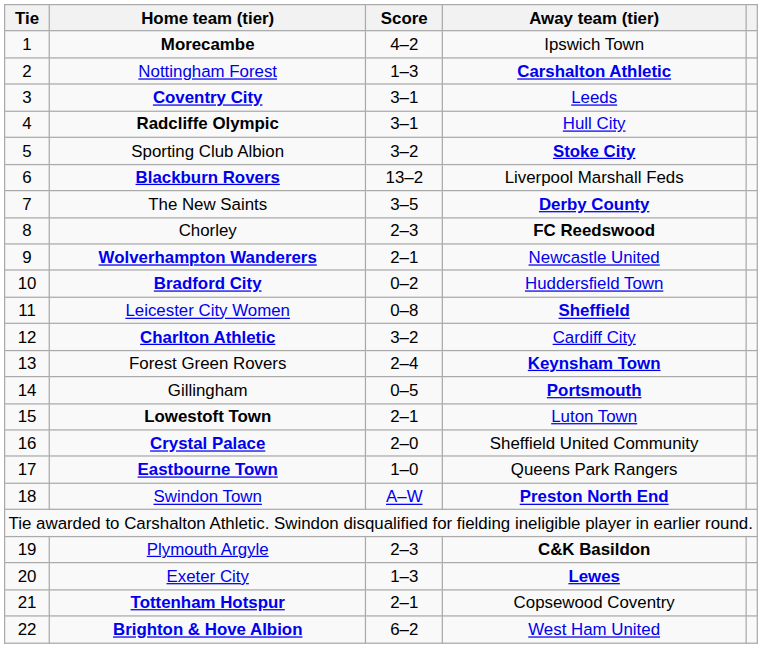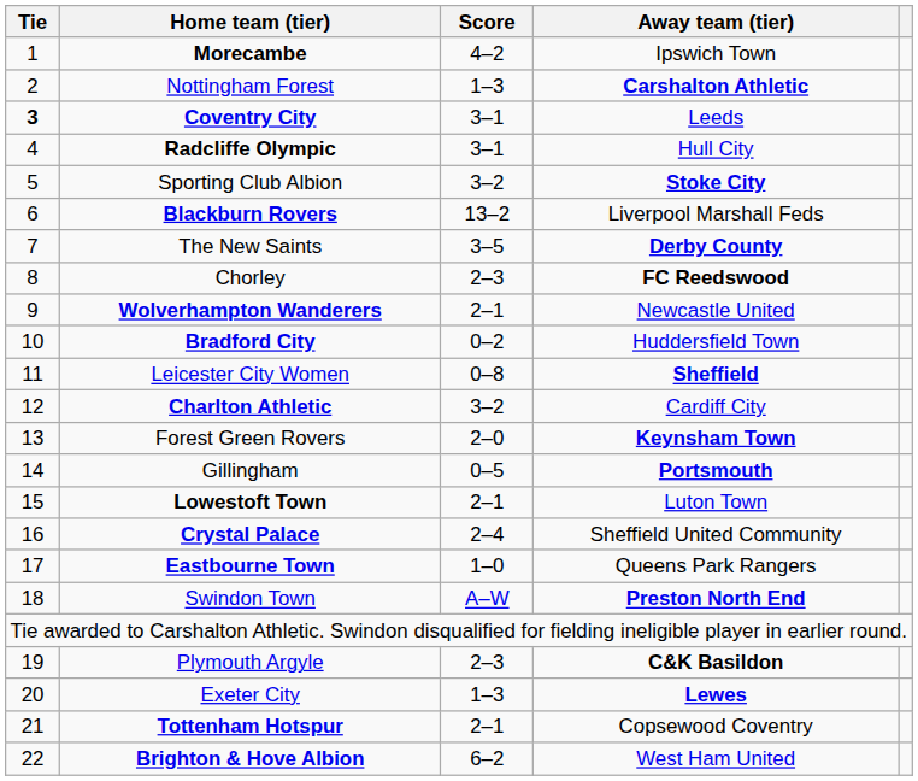 <table class="wikitable" style="text-align:center; font-size:85%">
 <tr>
 <th>Tie</th>
 <th>Home team (tier)</th>
 <th>Score</th>
 <th>Away team (tier)</th>
 <th></th>
 </tr>
 <tr>
 <td style="text-align:center;">1</td>
 <td><strong>Morecambe</strong></td>
 <td style="text-align:center;">4–2</td>
 <td>Ipswich Town</td>
 <td></td>
 </tr>
 <tr>
 <td style="text-align:center;">2</td>
 <td><a href='#'>Nottingham Forest</a></td>
 <td style="text-align:center;">1–3</td>
 <td><strong><a href='#'>Carshalton Athletic</a></strong></td>
 <td></td>
 </tr>
 <tr>
-<td style="text-align:center;">3</td>
+<td style="text-align:center;"><strong>3</strong></td>
 <td><strong><a href='#'>Coventry City</a></strong></td>
 <td style="text-align:center;">3–1</td>
 <td><a href='#'>Leeds</a></td>
 <td></td>
 </tr>
 <tr>
 <td style="text-align:center;">4</td>
 <td><strong>Radcliffe Olympic</strong></td>
 <td style="text-align:center;">3–1</td>
 <td><a href='#'>Hull City</a></td>
 <td></td>
 </tr>
 <tr>
 <td style="text-align:center;">5</td>
 <td>Sporting Club Albion</td>
 <td style="text-align:center;">3–2</td>
 <td><strong><a href='#'>Stoke City</a></strong></td>
 <td></td>
 </tr>
 <tr>
 <td style="text-align:center;">6</td>
 <td><strong><a href='#'>Blackburn Rovers</a></strong></td>
 <td style="text-align:center;">13–2</td>
 <td>Liverpool Marshall Feds</td>
 <td></td>
 </tr>
 <tr>
 <td style="text-align:center;">7</td>
 <td>The New Saints</td>
 <td style="text-align:center;">3–5</td>
 <td><strong><a href='#'>Derby County</a></strong></td>
 <td></td>
 </tr>
 <tr>
 <td style="text-align:center;">8</td>
 <td>Chorley</td>
 <td style="text-align:center;">2–3</td>
 <td><strong>FC Reedswood</strong></td>
 <td></td>
 </tr>
 <tr>
 <td style="text-align:center;">9</td>
 <td><strong><a href='#'>Wolverhampton Wanderers</a></strong></td>
 <td style="text-align:center;">2–1</td>
 <td><a href='#'>Newcastle United</a></td>
 <td></td>
 </tr>
 <tr>
 <td style="text-align:center;">10</td>
 <td><strong><a href='#'>Bradford City</a></strong></td>
 <td style="text-align:center;">0–2</td>
 <td><a href='#'>Huddersfield Town</a></td>
 <td></td>
 </tr>
 <tr>
 <td style="text-align:center;">11</td>
 <td><a href='#'>Leicester City Women</a></td>
 <td style="text-align:center;">0–8</td>
 <td><strong><a href='#'>Sheffield</a></strong></td>
 <td></td>
 </tr>
 <tr>
 <td style="text-align:center;">12</td>
 <td><strong><a href='#'>Charlton Athletic</a></strong></td>
 <td style="text-align:center;">3–2 </td>
 <td><a href='#'>Cardiff City</a></td>
 <td></td>
 </tr>
 <tr>
 <td style="text-align:center;">13</td>
 <td>Forest Green Rovers</td>
-<td style="text-align:center;">2–4 </td>
+<td style="text-align:center;">2–0</td>
 <td><strong><a href='#'>Keynsham Town</a></strong></td>
 <td></td>
 </tr>
 <tr>
 <td style="text-align:center;">14</td>
 <td>Gillingham</td>
 <td style="text-align:center;">0–5</td>
 <td><strong><a href='#'>Portsmouth</a></strong></td>
 <td></td>
 </tr>
 <tr>
 <td style="text-align:center;">15</td>
 <td><strong>Lowestoft Town</strong></td>
 <td style="text-align:center;">2–1</td>
 <td><a href='#'>Luton Town</a></td>
 <td></td>
 </tr>
 <tr>
 <td style="text-align:center;">16</td>
 <td><strong><a href='#'>Crystal Palace</a></strong></td>
-<td style="text-align:center;">2–0</td>
+<td style="text-align:center;">2–4 </td>
 <td>Sheffield United Community</td>
 <td></td>
 </tr>
 <tr>
 <td style="text-align:center;">17</td>
 <td><strong><a href='#'>Eastbourne Town</a></strong></td>
 <td style="text-align:center;">1–0</td>
 <td>Queens Park Rangers</td>
 <td></td>
 </tr>
 <tr>
 <td style="text-align:center;">18</td>
 <td><a href='#'>Swindon Town</a></td>
 <td style="text-align:center;"><a href='#'>A–W</a></td>
 <td><strong><a href='#'>Preston North End</a></strong></td>
 <td></td>
 </tr>
 <tr>
 <td colspan="5" style="text-align: center;">Tie awarded to Carshalton Athletic. Swindon disqualified for fielding ineligible player in earlier round.</td>
 </tr>
 <tr>
 <td style="text-align:center;">19</td>
 <td><a href='#'>Plymouth Argyle</a></td>
 <td style="text-align:center;">2–3</td>
 <td><strong>C&K Basildon</strong></td>
 <td></td>
 </tr>
 <tr>
 <td style="text-align:center;">20</td>
 <td><a href='#'>Exeter City</a></td>
 <td style="text-align:center;">1–3</td>
 <td><strong><a href='#'>Lewes</a></strong></td>
 <td></td>
 </tr>
 <tr>
 <td style="text-align:center;">21</td>
 <td><strong><a href='#'>Tottenham Hotspur</a></strong></td>
 <td style="text-align:center;">2–1 </td>
 <td>Copsewood Coventry</td>
 <td></td>
 </tr>
 <tr>
 <td style="text-align:center;">22</td>
 <td><strong><a href='#'>Brighton & Hove Albion</a></strong></td>
 <td style="text-align:center;">6–2</td>
 <td><a href='#'>West Ham United</a></td>
 <td></td>
 </tr>
 </table>
